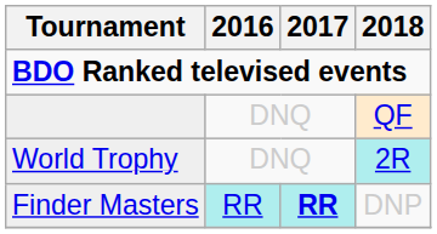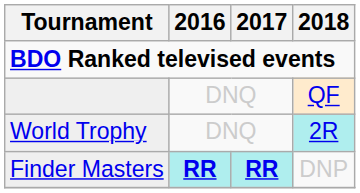 <table class="wikitable">
 <tr>
 <th>Tournament</th>
 <th>2016</th>
 <th>2017</th>
 <th>2018</th>
 </tr>
 <tr>
 <td colspan="30" align="left"><strong><a href='#'>BDO</a> Ranked televised events</strong></td>
 </tr>
 <tr>
 <td style="background:#efefef;"></td>
 <td colspan="2" style="text-align:center; color:#ccc;">DNQ</td>
 <td style="text-align:center; background:#ffebcd;"><a href='#'>QF</a></td>
 </tr>
 <tr>
 <td style="background:#efefef;"><a href='#'>World Trophy</a></td>
 <td colspan="2" style="text-align:center; color:#ccc;">DNQ</td>
 <td style="text-align:center; background:#afeeee;"><a href='#'>2R</a></td>
 </tr>
 <tr>
 <td style="background:#efefef;"><a href='#'>Finder Masters</a></td>
-<td style="text-align:center; background:#afeeee;"><a href='#'>RR</a></td>
+<td style="text-align:center; background:#afeeee;"><strong><a href='#'>RR</a></strong></td>
 <td style="text-align:center; background:#afeeee;"><strong><a href='#'>RR</a></strong></td>
 <td style="text-align:center; color:#ccc;">DNP</td>
 </tr>
 <tr>
 </tr>
 </table>
